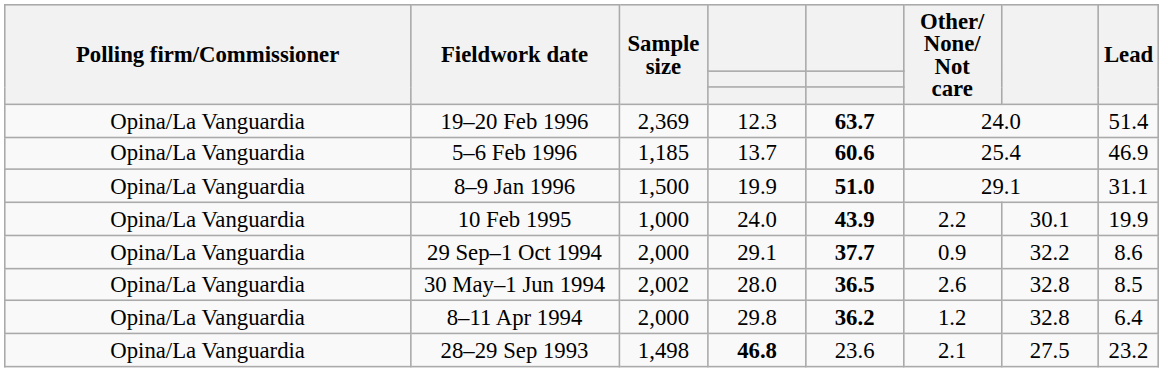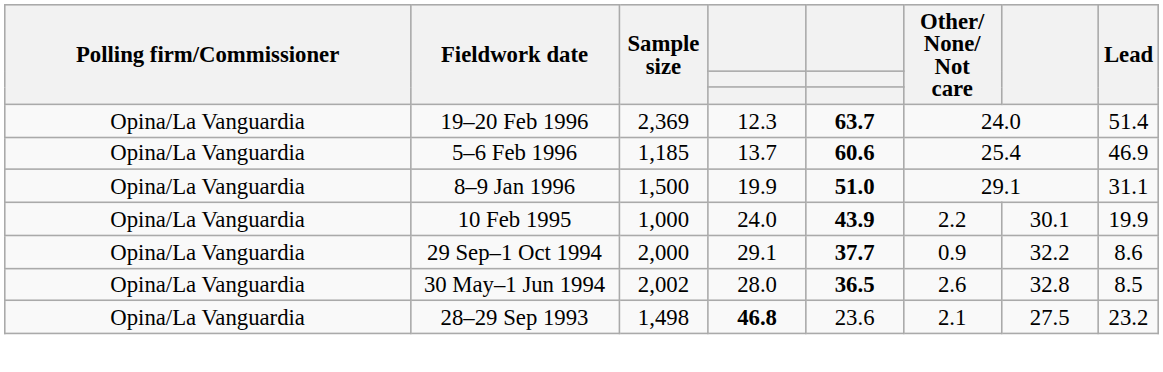 <table class="wikitable collapsible collapsed" style="text-align:center; font-size:90%; line-height:14px;">
 <tr style="height:42px;">
 <th style="width:250px;" rowspan="3">Polling firm/Commissioner</th>
 <th style="width:125px;" rowspan="3">Fieldwork date</th>
 <th style="width:50px;" rowspan="3">Sample size</th>
 <th style="width:55px;"></th>
 <th style="width:55px;"></th>
 <th style="width:55px;" rowspan="3">Other/<br>None/<br>Not<br>care</th>
 <th style="width:55px;" rowspan="3"></th>
 <th style="width:30px;" rowspan="3">Lead</th>
 </tr>
 <tr>
 <th style="color:inherit;background:"></th>
 <th style="color:inherit;background:"></th>
 </tr>
 <tr>
 <th></th>
 <th></th>
 </tr>
 <tr>
 <td>Opina/La Vanguardia</td>
 <td>19–20 Feb 1996</td>
 <td>2,369</td>
 <td>12.3</td>
 <td><strong>63.7</strong></td>
 <td colspan="2">24.0</td>
 <td style="background:">51.4</td>
 </tr>
 <tr>
 <td>Opina/La Vanguardia</td>
 <td>5–6 Feb 1996</td>
 <td>1,185</td>
 <td>13.7</td>
 <td><strong>60.6</strong></td>
 <td colspan="2">25.4</td>
 <td style="background:">46.9</td>
 </tr>
 <tr>
 <td>Opina/La Vanguardia</td>
 <td>8–9 Jan 1996</td>
 <td>1,500</td>
 <td>19.9</td>
 <td><strong>51.0</strong></td>
 <td colspan="2">29.1</td>
 <td style="background:">31.1</td>
 </tr>
 <tr>
 <td>Opina/La Vanguardia</td>
 <td>10 Feb 1995</td>
 <td>1,000</td>
 <td>24.0</td>
 <td><strong>43.9</strong></td>
 <td>2.2</td>
 <td>30.1</td>
 <td style="background:">19.9</td>
 </tr>
 <tr>
 <td>Opina/La Vanguardia</td>
 <td>29 Sep–1 Oct 1994</td>
 <td>2,000</td>
 <td>29.1</td>
 <td><strong>37.7</strong></td>
 <td>0.9</td>
 <td>32.2</td>
 <td style="background:">8.6</td>
 </tr>
 <tr>
 <td>Opina/La Vanguardia</td>
 <td>30 May–1 Jun 1994</td>
 <td>2,002</td>
 <td>28.0</td>
 <td><strong>36.5</strong></td>
 <td>2.6</td>
 <td>32.8</td>
 <td style="background:">8.5</td>
 </tr>
 <tr>
 <td>Opina/La Vanguardia</td>
-<td>8–11 Apr 1994</td>
-<td>2,000</td>
-<td>29.8</td>
-<td><strong>36.2</strong></td>
-<td>1.2</td>
-<td>32.8</td>
-<td style="background:">6.4</td>
-</tr>
-<tr>
-<td>Opina/La Vanguardia</td>
 <td>28–29 Sep 1993</td>
 <td>1,498</td>
 <td><strong>46.8</strong></td>
 <td>23.6</td>
 <td>2.1</td>
 <td>27.5</td>
 <td style="background:">23.2</td>
 </tr>
 </table>
